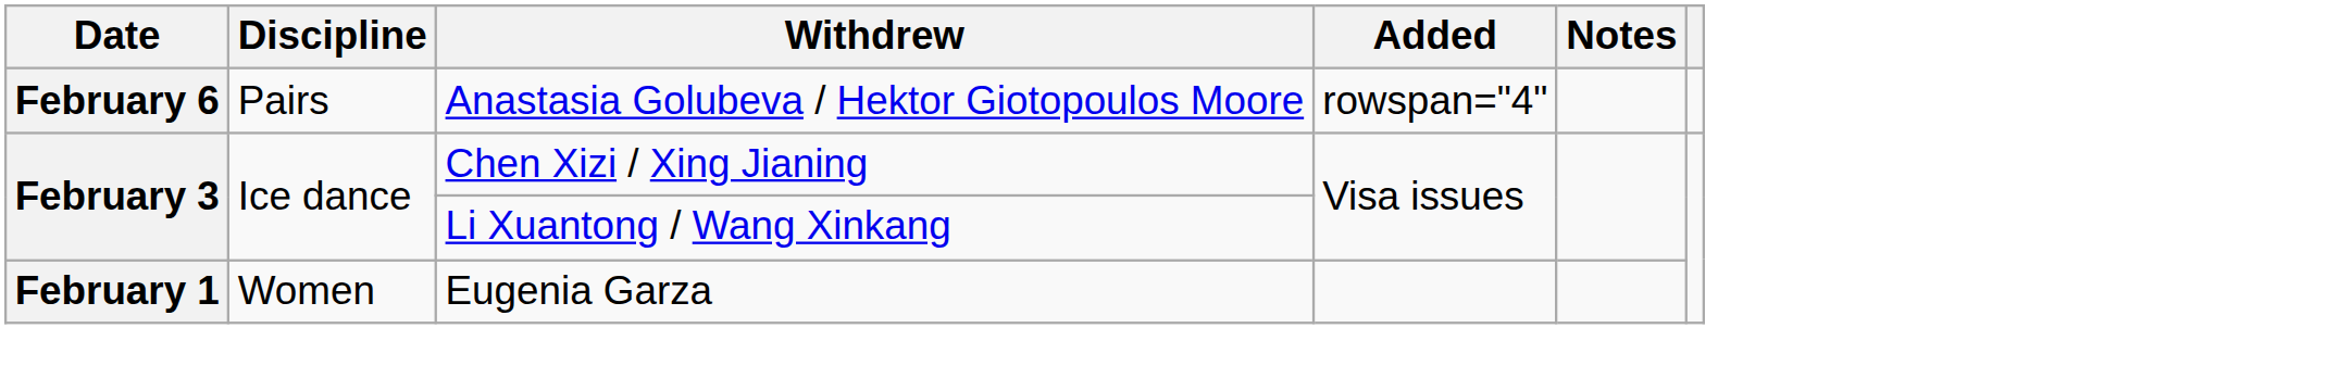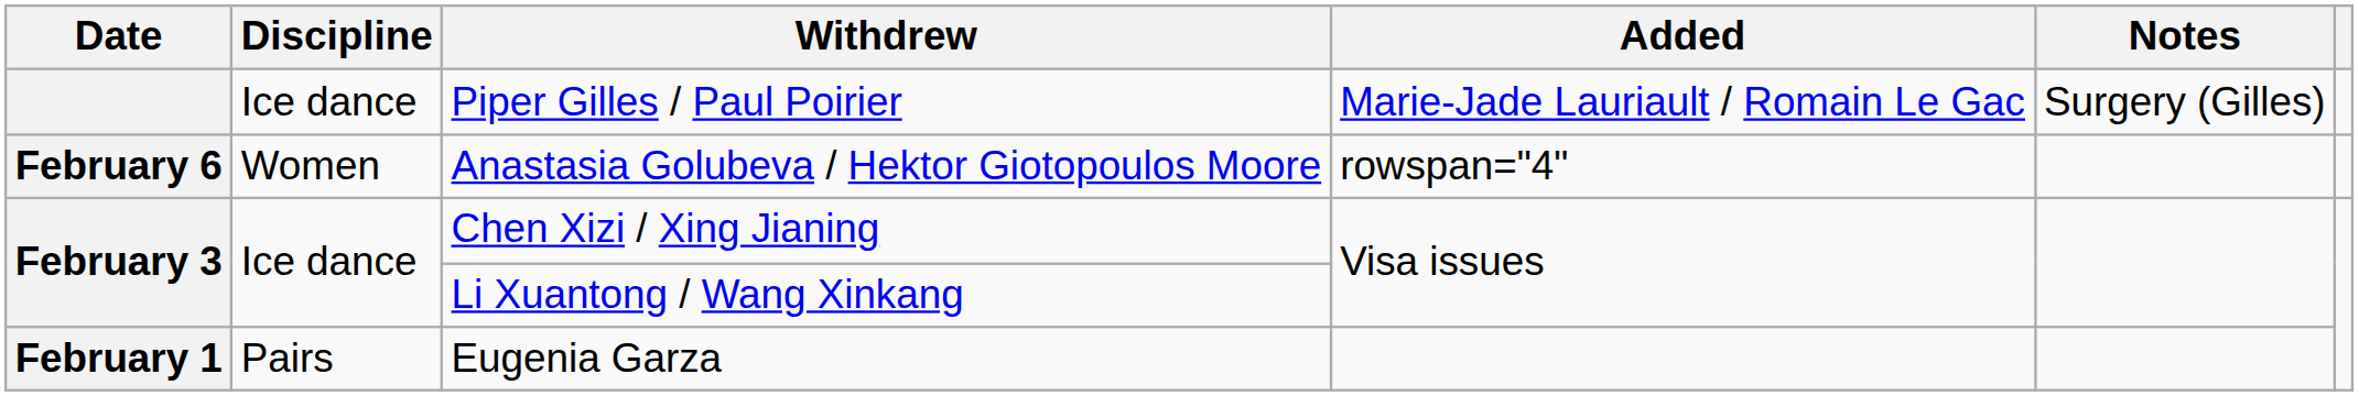 <table class="wikitable unsortable">
 <tr>
 <th scope="col">Date</th>
 <th scope="col">Discipline</th>
 <th scope="col">Withdrew</th>
 <th scope="col">Added</th>
 <th scope="col">Notes</th>
 <th scope="col"></th>
 </tr>
 <tr>
+<th scope="row" style="text-align:left"></th>
+<td>Ice dance</td>
+<td> <a href='#'>Piper Gilles</a> / <a href='#'>Paul Poirier</a></td>
+<td> <a href='#'>Marie-Jade Lauriault</a> / <a href='#'>Romain Le Gac</a></td>
+<td>Surgery (Gilles)</td>
+<td></td>
+</tr>
+<tr>
 <th scope="row" style="text-align:left">February 6</th>
-<td>Pairs</td>
+<td>Women</td>
 <td> <a href='#'>Anastasia Golubeva</a> / <a href='#'>Hektor Giotopoulos Moore</a></td>
 <td>rowspan="4" </td>
 <td></td>
 <td></td>
 </tr>
 <tr>
 <th scope="row" style="text-align:left" rowspan=2>February 3</th>
 <td rowspan=2>Ice dance</td>
 <td> <a href='#'>Chen Xizi</a> / <a href='#'>Xing Jianing</a></td>
 <td rowspan=2>Visa issues</td>
 <td rowspan=2></td>
 </tr>
 <tr>
 <td> <a href='#'>Li Xuantong</a> / <a href='#'>Wang Xinkang</a></td>
 </tr>
 <tr>
 <th scope="row" style="text-align:left">February 1</th>
-<td>Women</td>
+<td>Pairs</td>
 <td> Eugenia Garza</td>
 <td></td>
 <td></td>
 </tr>
 </table>
